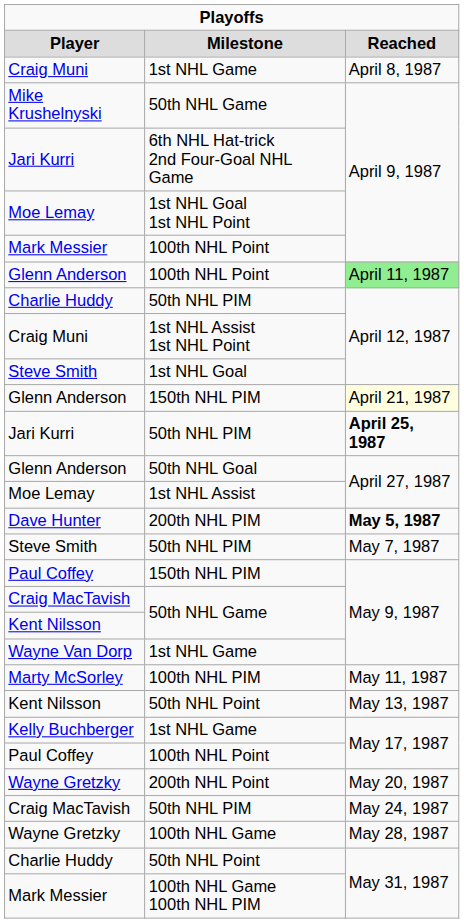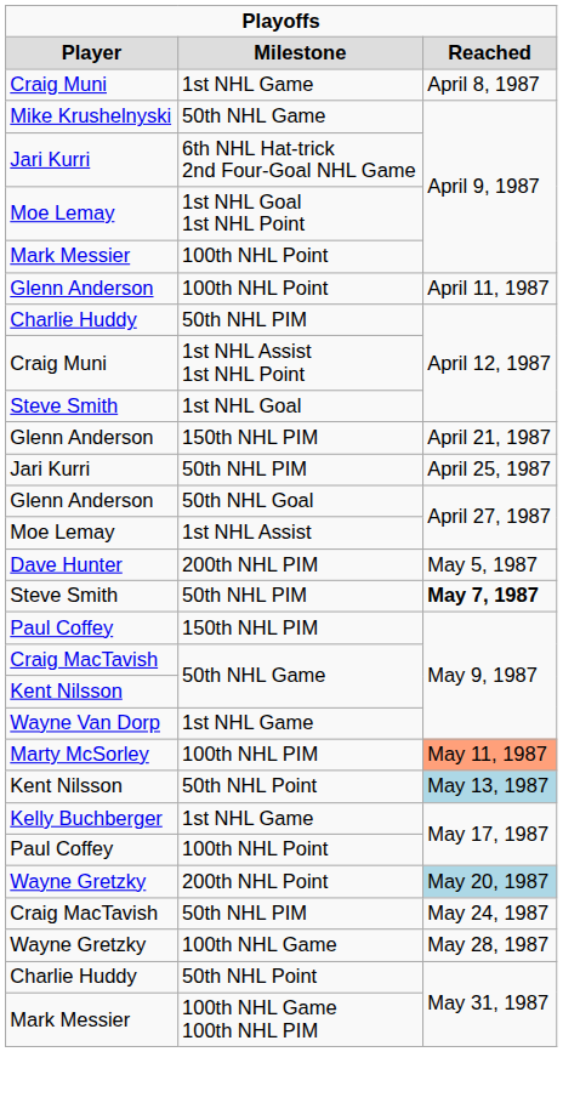 <table class="wikitable" style="width:50%;">
 <tr>
 <td colspan="10" style="text-align:center;"><strong>Playoffs</strong></td>
 </tr>
 <tr style="text-align:center; background:#ddd;">
 <td><strong>Player</strong></td>
 <td><strong>Milestone</strong></td>
 <td><strong>Reached</strong></td>
 </tr>
 <tr>
 <td><a href='#'>Craig Muni</a></td>
 <td>1st NHL Game</td>
 <td>April 8, 1987</td>
 </tr>
 <tr>
 <td><a href='#'>Mike Krushelnyski</a></td>
 <td>50th NHL Game</td>
 <td rowspan="4">April 9, 1987</td>
 </tr>
 <tr>
 <td><a href='#'>Jari Kurri</a></td>
 <td>6th NHL Hat-trick<br>2nd Four-Goal NHL Game</td>
 </tr>
 <tr>
 <td><a href='#'>Moe Lemay</a></td>
 <td>1st NHL Goal<br>1st NHL Point</td>
 </tr>
 <tr>
 <td><a href='#'>Mark Messier</a></td>
 <td>100th NHL Point</td>
 </tr>
 <tr>
 <td><a href='#'>Glenn Anderson</a></td>
 <td>100th NHL Point</td>
-<td style="background: lightgreen;">April 11, 1987</td>
+<td>April 11, 1987</td>
 </tr>
 <tr>
 <td><a href='#'>Charlie Huddy</a></td>
 <td>50th NHL PIM</td>
 <td rowspan="3">April 12, 1987</td>
 </tr>
 <tr>
 <td>Craig Muni</td>
 <td>1st NHL Assist<br>1st NHL Point</td>
 </tr>
 <tr>
 <td><a href='#'>Steve Smith</a></td>
 <td>1st NHL Goal</td>
 </tr>
 <tr>
 <td>Glenn Anderson</td>
 <td>150th NHL PIM</td>
-<td style="background: lightyellow;">April 21, 1987</td>
+<td>April 21, 1987</td>
 </tr>
 <tr>
 <td>Jari Kurri</td>
 <td>50th NHL PIM</td>
-<td><strong>April 25, 1987</strong></td>
+<td>April 25, 1987</td>
 </tr>
 <tr>
 <td>Glenn Anderson</td>
 <td>50th NHL Goal</td>
 <td rowspan="2">April 27, 1987</td>
 </tr>
 <tr>
 <td>Moe Lemay</td>
 <td>1st NHL Assist</td>
 </tr>
 <tr>
 <td><a href='#'>Dave Hunter</a></td>
 <td>200th NHL PIM</td>
-<td><strong>May 5, 1987</strong></td>
+<td>May 5, 1987</td>
 </tr>
 <tr>
 <td>Steve Smith</td>
 <td>50th NHL PIM</td>
-<td>May 7, 1987</td>
+<td><strong>May 7, 1987</strong></td>
 </tr>
 <tr>
 <td><a href='#'>Paul Coffey</a></td>
 <td>150th NHL PIM</td>
 <td rowspan="4">May 9, 1987</td>
 </tr>
 <tr>
 <td><a href='#'>Craig MacTavish</a></td>
 <td rowspan="2">50th NHL Game</td>
 </tr>
 <tr>
 <td><a href='#'>Kent Nilsson</a></td>
 </tr>
 <tr>
 <td><a href='#'>Wayne Van Dorp</a></td>
 <td>1st NHL Game</td>
 </tr>
 <tr>
 <td><a href='#'>Marty McSorley</a></td>
 <td>100th NHL PIM</td>
-<td>May 11, 1987</td>
+<td style="background: lightsalmon;">May 11, 1987</td>
 </tr>
 <tr>
 <td>Kent Nilsson</td>
 <td>50th NHL Point</td>
-<td>May 13, 1987</td>
+<td style="background: lightblue;">May 13, 1987</td>
 </tr>
 <tr>
 <td><a href='#'>Kelly Buchberger</a></td>
 <td>1st NHL Game</td>
 <td rowspan="2">May 17, 1987</td>
 </tr>
 <tr>
 <td>Paul Coffey</td>
 <td>100th NHL Point</td>
 </tr>
 <tr>
 <td><a href='#'>Wayne Gretzky</a></td>
 <td>200th NHL Point</td>
-<td>May 20, 1987</td>
+<td style="background: lightblue;">May 20, 1987</td>
 </tr>
 <tr>
 <td>Craig MacTavish</td>
 <td>50th NHL PIM</td>
 <td>May 24, 1987</td>
 </tr>
 <tr>
 <td>Wayne Gretzky</td>
 <td>100th NHL Game</td>
 <td>May 28, 1987</td>
 </tr>
 <tr>
 <td>Charlie Huddy</td>
 <td>50th NHL Point</td>
 <td rowspan="2">May 31, 1987</td>
 </tr>
 <tr>
 <td>Mark Messier</td>
 <td>100th NHL Game<br>100th NHL PIM</td>
 </tr>
 </table>
